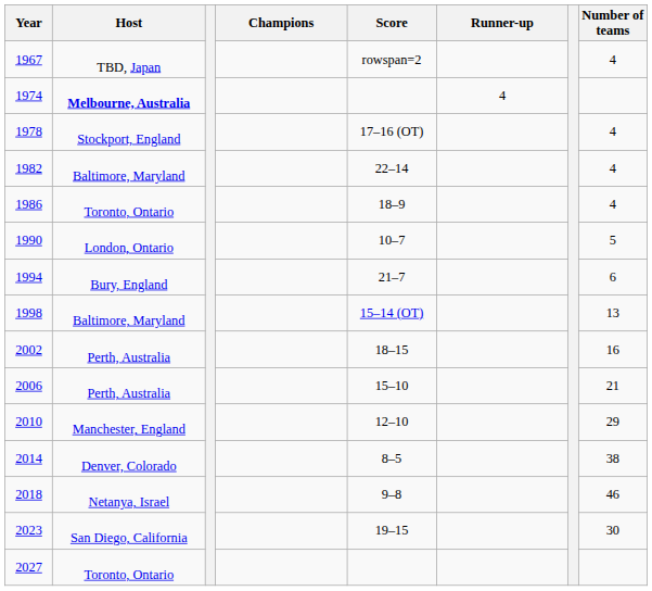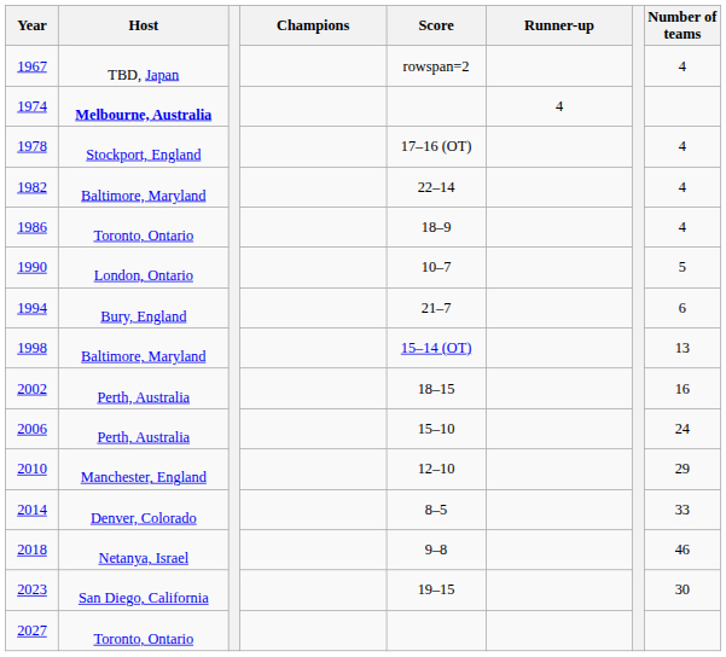 <table class="wikitable" style="text-align:center;">
 <tr>
 <th width=50>Year</th>
 <th width=175>Host</th>
 <th rowspan="16" style="width:5px;"></th>
 <th width=150>Champions</th>
 <th width=100>Score</th>
 <th width=150>Runner-up</th>
 <th rowspan="16" style="width:5px;"></th>
 <th width=75>Number of teams</th>
 </tr>
 <tr>
 <td><a href='#'>1967</a></td>
 <td>  <br>TBD, <a href='#'>Japan</a></td>
 <td></td>
 <td>rowspan=2 </td>
 <td></td>
 <td>4</td>
 </tr>
 <tr>
 <td><a href='#'>1974</a></td>
 <td><strong> <br> <a href='#'>Melbourne, Australia</a></strong></td>
 <td></td>
 <td></td>
 <td>4</td>
 </tr>
 <tr>
 <td><a href='#'>1978</a></td>
 <td> <br> <a href='#'>Stockport, England</a></td>
 <td></td>
 <td>17–16 (OT)</td>
 <td></td>
 <td>4</td>
 </tr>
 <tr>
 <td><a href='#'>1982</a></td>
 <td> <br> <a href='#'>Baltimore, Maryland</a></td>
 <td></td>
 <td>22–14</td>
 <td></td>
 <td>4</td>
 </tr>
 <tr>
 <td><a href='#'>1986</a></td>
 <td> <br> <a href='#'>Toronto, Ontario</a></td>
 <td></td>
 <td>18–9</td>
 <td></td>
 <td>4</td>
 </tr>
 <tr>
 <td><a href='#'>1990</a></td>
 <td> <br> <a href='#'>London, Ontario</a></td>
 <td></td>
 <td>10–7</td>
 <td></td>
 <td>5</td>
 </tr>
 <tr>
 <td><a href='#'>1994</a></td>
 <td> <br> <a href='#'>Bury, England</a></td>
 <td></td>
 <td>21–7</td>
 <td></td>
 <td>6</td>
 </tr>
 <tr>
 <td><a href='#'>1998</a></td>
 <td> <br> <a href='#'>Baltimore, Maryland</a></td>
 <td></td>
 <td><a href='#'>15–14 (OT)</a></td>
 <td></td>
 <td>13</td>
 </tr>
 <tr>
 <td><a href='#'>2002</a></td>
 <td> <br> <a href='#'>Perth, Australia</a></td>
 <td></td>
 <td>18–15</td>
 <td></td>
 <td>16</td>
 </tr>
 <tr>
 <td><a href='#'>2006</a></td>
 <td> <br> <a href='#'>Perth, Australia</a></td>
 <td></td>
 <td>15–10</td>
 <td></td>
-<td>21</td>
+<td>24</td>
 </tr>
 <tr>
 <td><a href='#'>2010</a></td>
 <td> <br> <a href='#'>Manchester, England</a></td>
 <td></td>
 <td>12–10</td>
 <td></td>
 <td>29</td>
 </tr>
 <tr>
 <td><a href='#'>2014</a></td>
 <td>  <br> <a href='#'>Denver, Colorado</a></td>
 <td></td>
 <td>8–5</td>
 <td></td>
-<td>38</td>
+<td>33</td>
 </tr>
 <tr>
 <td><a href='#'>2018</a></td>
 <td>  <br> <a href='#'>Netanya, Israel</a></td>
 <td></td>
 <td>9–8</td>
 <td></td>
 <td>46</td>
 </tr>
 <tr>
 <td><a href='#'>2023</a></td>
 <td>  <br> <a href='#'>San Diego, California</a></td>
 <td></td>
 <td>19–15</td>
 <td></td>
 <td>30</td>
 </tr>
 <tr>
 <td><a href='#'>2027</a></td>
 <td> <br> <a href='#'>Toronto, Ontario</a></td>
 <td></td>
 <td></td>
 <td></td>
 <td></td>
 </tr>
 </table>
